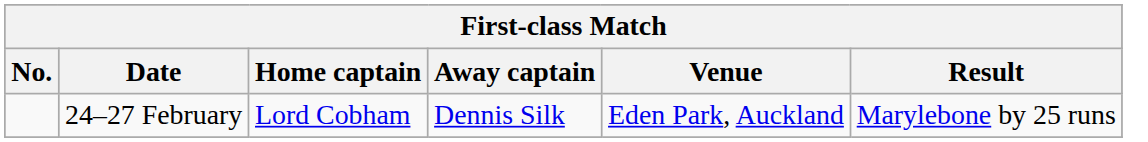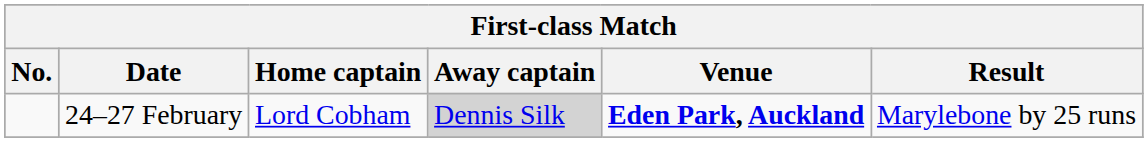 <table class="wikitable">
 <tr>
 <th colspan="9">First-class Match</th>
 </tr>
 <tr>
 <th>No.</th>
 <th>Date</th>
 <th>Home captain</th>
 <th>Away captain</th>
 <th>Venue</th>
 <th>Result</th>
 </tr>
 <tr>
 <td></td>
 <td>24–27 February</td>
 <td><a href='#'>Lord Cobham</a></td>
-<td><a href='#'>Dennis Silk</a></td>
-<td><a href='#'>Eden Park</a>, <a href='#'>Auckland</a></td>
+<td style="background: lightgrey;"><a href='#'>Dennis Silk</a></td>
+<td><strong><a href='#'>Eden Park</a>, <a href='#'>Auckland</a></strong></td>
 <td><a href='#'>Marylebone</a> by 25 runs</td>
 </tr>
 </table>
